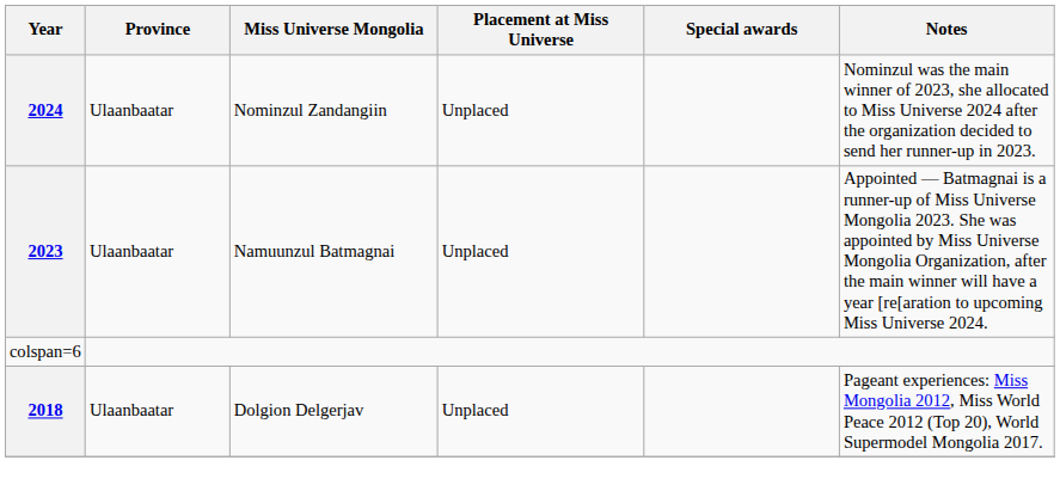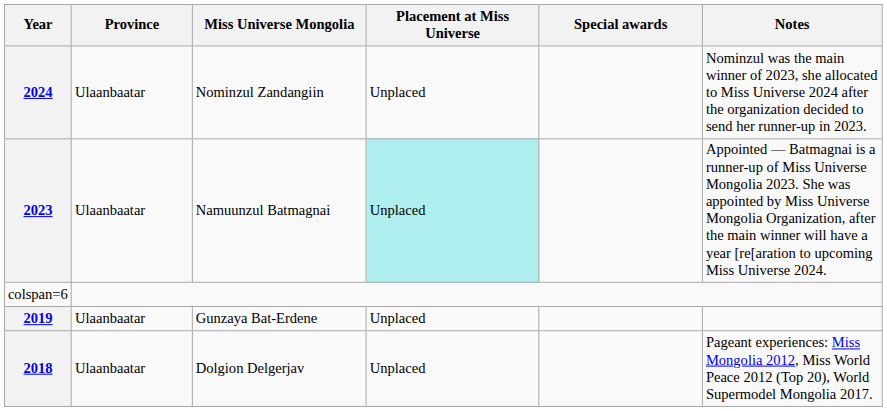 <table class="wikitable " style="font-size: 90%;">
 <tr>
 <th width="60">Year</th>
 <th width="150">Province</th>
 <th width="250">Miss Universe Mongolia</th>
 <th width="250">Placement at Miss Universe</th>
 <th width="250">Special awards</th>
 <th width="250">Notes</th>
 </tr>
 <tr>
 <th><a href='#'>2024</a></th>
 <td>Ulaanbaatar</td>
 <td>Nominzul Zandangiin</td>
 <td>Unplaced</td>
 <td></td>
 <td>Nominzul was the main winner of 2023, she allocated to Miss Universe 2024 after the organization decided to send her runner-up in 2023.</td>
 </tr>
 <tr>
 <th><a href='#'>2023</a></th>
 <td>Ulaanbaatar</td>
 <td>Namuunzul Batmagnai</td>
-<td>Unplaced</td>
+<td style="background: paleturquoise;">Unplaced</td>
 <td></td>
 <td>Appointed ― Batmagnai is a runner-up of Miss Universe Mongolia 2023. She was appointed by Miss Universe Mongolia Organization, after the main winner will have a year [re[aration to upcoming Miss Universe 2024.</td>
 </tr>
 <tr>
 <td>colspan=6 </td>
+</tr>
+<tr>
+<th><a href='#'>2019</a></th>
+<td>Ulaanbaatar</td>
+<td>Gunzaya Bat-Erdene</td>
+<td>Unplaced</td>
+<td></td>
+<td></td>
 </tr>
 <tr>
 <th><a href='#'>2018</a></th>
 <td>Ulaanbaatar</td>
 <td>Dolgion Delgerjav</td>
 <td>Unplaced</td>
 <td></td>
 <td>Pageant experiences: <a href='#'>Miss Mongolia 2012</a>, Miss World Peace 2012 (Top 20), World Supermodel Mongolia 2017.</td>
 </tr>
 <tr>
 </tr>
 </table>
